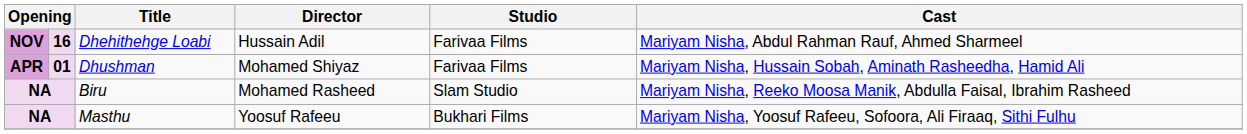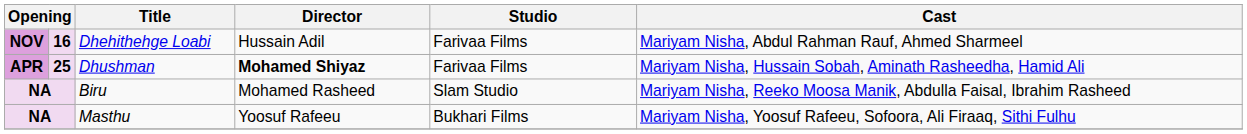 <table class="wikitable plainrowheaders" width="100%">
 <tr>
 <th scope="col" colspan="2" width=4%>Opening</th>
 <th scope="col" width=13%>Title</th>
 <th scope="col" width=16%>Director</th>
 <th scope="col" width=17%>Studio</th>
 <th scope="col" width=50%>Cast</th>
 </tr>
 <tr>
 <td style="text-align:center; background:plum; textcolor:#000;"><strong>NOV</strong></td>
 <td style="text-align:center; background:#f1daf1;"><strong>16</strong></td>
 <td><em><a href='#'>Dhehithehge Loabi</a></em></td>
 <td>Hussain Adil</td>
 <td>Farivaa Films</td>
 <td><a href='#'>Mariyam Nisha</a>, Abdul Rahman Rauf, Ahmed Sharmeel</td>
 </tr>
 <tr>
 <td style="text-align:center; background:plum; textcolor:#000;"><strong>APR</strong></td>
-<td style="text-align:center; background:#f1daf1;"><strong>01</strong></td>
+<td style="text-align:center; background:#f1daf1;"><strong>25</strong></td>
 <td><em><a href='#'>Dhushman</a></em></td>
-<td>Mohamed Shiyaz</td>
+<td><strong>Mohamed Shiyaz</strong></td>
 <td>Farivaa Films</td>
 <td><a href='#'>Mariyam Nisha</a>, <a href='#'>Hussain Sobah</a>, <a href='#'>Aminath Rasheedha</a>, <a href='#'>Hamid Ali</a></td>
 </tr>
 <tr>
 <td style="text-align:center; background:#f1daf1;" colspan="2"><strong>NA</strong></td>
 <td><em>Biru</em></td>
 <td>Mohamed Rasheed</td>
 <td>Slam Studio</td>
 <td><a href='#'>Mariyam Nisha</a>, <a href='#'>Reeko Moosa Manik</a>, Abdulla Faisal, Ibrahim Rasheed</td>
 </tr>
 <tr>
 <td style="text-align:center; background:#f1daf1;" colspan="2"><strong>NA</strong></td>
 <td><em>Masthu</em></td>
 <td>Yoosuf Rafeeu</td>
 <td>Bukhari Films</td>
 <td><a href='#'>Mariyam Nisha</a>, Yoosuf Rafeeu, Sofoora, Ali Firaaq, <a href='#'>Sithi Fulhu</a></td>
 </tr>
 <tr>
 </tr>
 </table>
